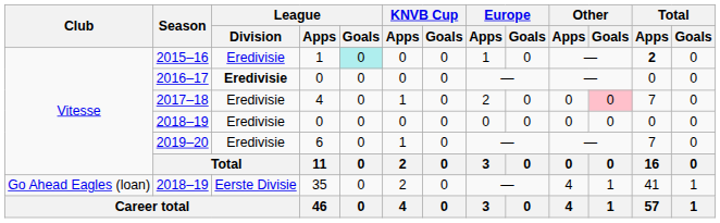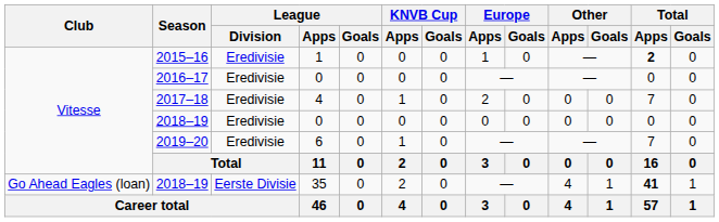 <table class="wikitable" style="text-align:center">
 <tr>
 <th rowspan="2">Club</th>
 <th rowspan="2">Season</th>
 <th colspan="3">League</th>
 <th colspan="2"><a href='#'>KNVB Cup</a></th>
 <th colspan="2"><a href='#'>Europe</a></th>
 <th colspan="2">Other</th>
 <th colspan="2">Total</th>
 </tr>
 <tr>
 <th>Division</th>
 <th>Apps</th>
 <th>Goals</th>
 <th>Apps</th>
 <th>Goals</th>
 <th>Apps</th>
 <th>Goals</th>
 <th>Apps</th>
 <th>Goals</th>
 <th>Apps</th>
 <th>Goals</th>
 </tr>
 <tr>
 <td rowspan="6"><a href='#'>Vitesse</a></td>
 <td><a href='#'>2015–16</a></td>
 <td><a href='#'>Eredivisie</a></td>
 <td>1</td>
-<td style="background: paleturquoise;">0</td>
+<td>0</td>
 <td>0</td>
 <td>0</td>
 <td>1</td>
 <td>0</td>
 <td colspan="2">—</td>
 <td><strong>2</strong></td>
 <td>0</td>
 </tr>
 <tr>
 <td><a href='#'>2016–17</a></td>
-<td><strong>Eredivisie</strong></td>
+<td>Eredivisie</td>
 <td>0</td>
 <td>0</td>
 <td>0</td>
 <td>0</td>
 <td colspan="2">—</td>
 <td colspan="2">—</td>
 <td>0</td>
 <td>0</td>
 </tr>
 <tr>
 <td><a href='#'>2017–18</a></td>
 <td>Eredivisie</td>
 <td>4</td>
 <td>0</td>
 <td>1</td>
 <td>0</td>
 <td>2</td>
 <td>0</td>
 <td>0</td>
-<td style="background: pink;">0</td>
+<td>0</td>
 <td>7</td>
 <td>0</td>
 </tr>
 <tr>
 <td><a href='#'>2018–19</a></td>
 <td>Eredivisie</td>
 <td>0</td>
 <td>0</td>
 <td>0</td>
 <td>0</td>
 <td>0</td>
 <td>0</td>
 <td>0</td>
 <td>0</td>
 <td>0</td>
 <td>0</td>
 </tr>
 <tr>
 <td><a href='#'>2019–20</a></td>
 <td>Eredivisie</td>
 <td>6</td>
 <td>0</td>
 <td>1</td>
 <td>0</td>
 <td colspan="2">—</td>
 <td colspan="2">—</td>
 <td>7</td>
 <td>0</td>
 </tr>
 <tr>
 <th colspan="2">Total</th>
 <th>11</th>
 <th>0</th>
 <th>2</th>
 <th>0</th>
 <th>3</th>
 <th>0</th>
 <th>0</th>
 <th>0</th>
 <th>16</th>
 <th>0</th>
 </tr>
 <tr>
 <td><a href='#'>Go Ahead Eagles</a> (loan)</td>
 <td><a href='#'>2018–19</a></td>
 <td><a href='#'>Eerste Divisie</a></td>
 <td>35</td>
 <td>0</td>
 <td>2</td>
 <td>0</td>
 <td colspan="2">—</td>
 <td>4</td>
 <td>1</td>
-<td>41</td>
+<td><strong>41</strong></td>
 <td>1</td>
 </tr>
 <tr>
 <th colspan="3">Career total</th>
 <th>46</th>
 <th>0</th>
 <th>4</th>
 <th>0</th>
 <th>3</th>
 <th>0</th>
 <th>4</th>
 <th>1</th>
 <th>57</th>
 <th>1</th>
 </tr>
 </table>
